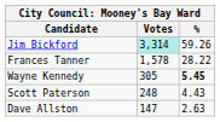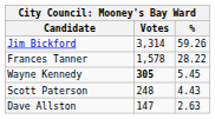 <table class="wikitable">
 <tr>
 <th colspan="3">City Council: Mooney's Bay Ward</th>
 </tr>
 <tr>
 <th style="width: 170px">Candidate</th>
 <th style="width: 50px">Votes</th>
 <th style="width: 40px">%</th>
 </tr>
 <tr>
 <td><a href='#'>Jim Bickford</a></td>
-<td style="background: paleturquoise;">3,314</td>
+<td>3,314</td>
 <td>59.26</td>
 </tr>
 <tr>
 <td>Frances Tanner</td>
 <td>1,578</td>
 <td>28.22</td>
 </tr>
 <tr>
 <td>Wayne Kennedy</td>
-<td>305</td>
-<td><strong>5.45</strong></td>
+<td><strong>305</strong></td>
+<td>5.45</td>
 </tr>
 <tr>
 <td>Scott Paterson</td>
 <td>248</td>
 <td>4.43</td>
 </tr>
 <tr>
 <td>Dave Allston</td>
 <td>147</td>
 <td>2.63</td>
 </tr>
 </table>
